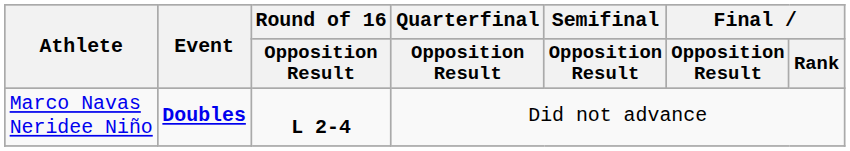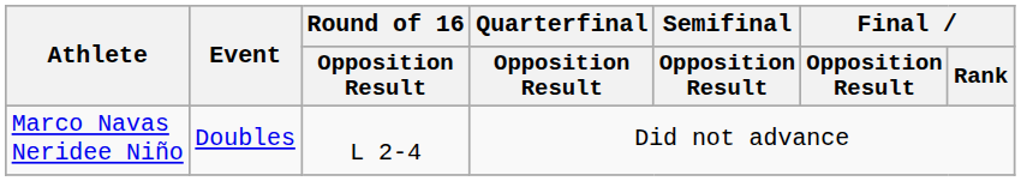 <table class=wikitable style=font-size:90%;text-align:center>
 <tr>
 <th rowspan=2>Athlete</th>
 <th rowspan=2>Event</th>
 <th>Round of 16</th>
 <th>Quarterfinal</th>
 <th>Semifinal</th>
 <th colspan=2>Final / </th>
 </tr>
 <tr style=font-size:95%>
 <th>Opposition<br>Result</th>
 <th>Opposition<br>Result</th>
 <th>Opposition<br>Result</th>
 <th>Opposition<br>Result</th>
 <th>Rank</th>
 </tr>
 <tr>
 <td align=left><a href='#'>Marco Navas</a><br><a href='#'>Neridee Niño</a></td>
-<td align=left><strong><a href='#'>Doubles</a></strong></td>
-<td><strong><br>L 2-4</strong></td>
+<td align=left><a href='#'>Doubles</a></td>
+<td><br>L 2-4</td>
 <td colspan=4>Did not advance</td>
 </tr>
 </table>
